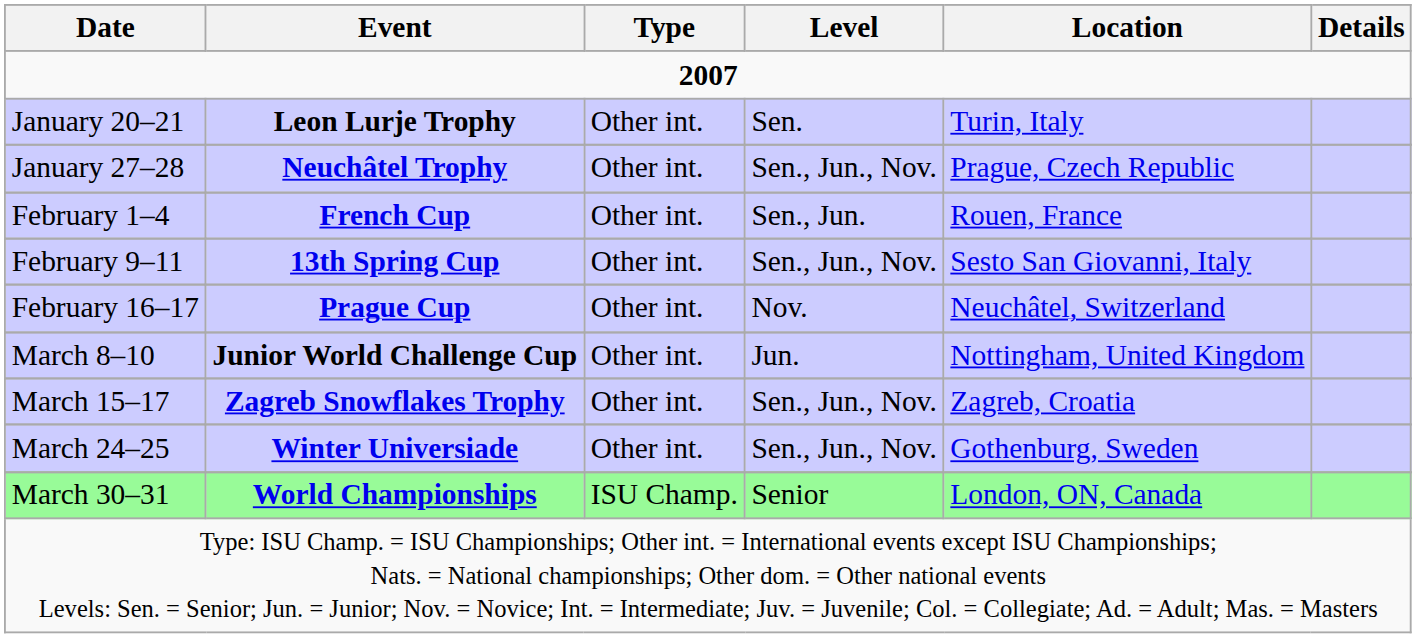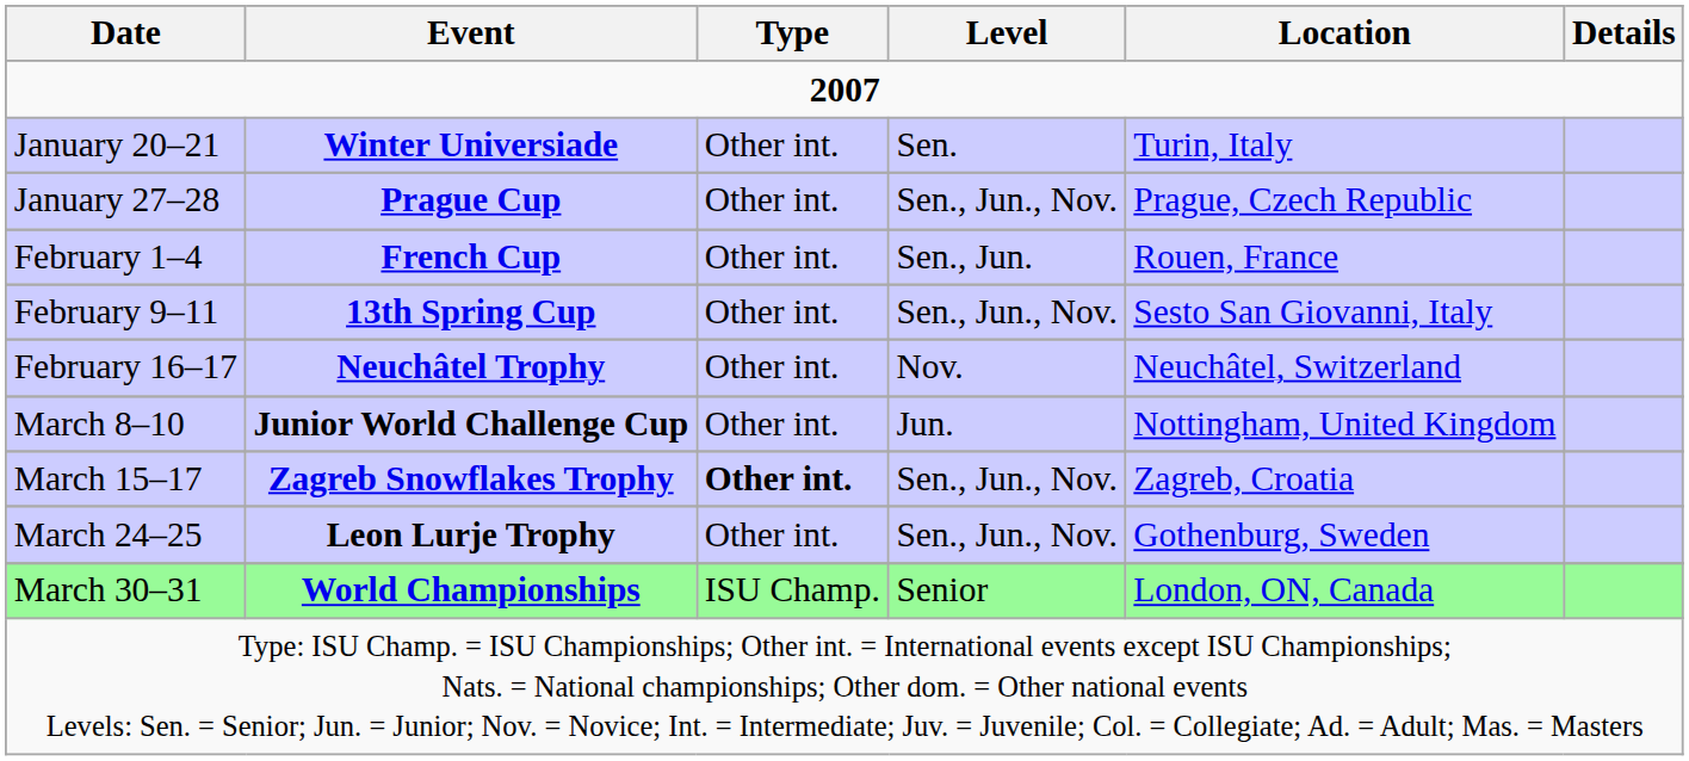 <table class="wikitable">
 <tr>
 <th>Date</th>
 <th>Event</th>
 <th>Type</th>
 <th>Level</th>
 <th>Location</th>
 <th>Details</th>
 </tr>
 <tr>
 <td colspan=7 align=center><strong>2007</strong></td>
 </tr>
 <tr bgcolor=CCCCFF>
 <td>January 20–21</td>
-<td align="center"><strong>Leon Lurje Trophy</strong></td>
+<td align="center"><strong><a href='#'>Winter Universiade</a></strong></td>
 <td>Other int.</td>
 <td>Sen.</td>
 <td><a href='#'>Turin, Italy</a></td>
 <td></td>
 </tr>
 <tr>
 </tr>
 <tr bgcolor=CCCCFF>
 <td>January 27–28</td>
-<td align="center"><strong><a href='#'>Neuchâtel Trophy</a></strong></td>
+<td align="center"><strong><a href='#'>Prague Cup</a></strong></td>
 <td>Other int.</td>
 <td>Sen., Jun., Nov.</td>
 <td><a href='#'>Prague, Czech Republic</a></td>
 <td></td>
 </tr>
 <tr>
 </tr>
 <tr bgcolor=CCCCFF>
 <td>February 1–4</td>
 <td align="center"><strong><a href='#'>French Cup</a></strong></td>
 <td>Other int.</td>
 <td>Sen., Jun.</td>
 <td><a href='#'>Rouen, France</a></td>
 <td></td>
 </tr>
 <tr>
 </tr>
 <tr bgcolor=CCCCFF>
 <td>February 9–11</td>
 <td align="center"><strong><a href='#'>13th Spring Cup</a></strong></td>
 <td>Other int.</td>
 <td>Sen., Jun., Nov.</td>
 <td><a href='#'>Sesto San Giovanni, Italy</a></td>
 <td></td>
 </tr>
 <tr>
 </tr>
 <tr bgcolor=CCCCFF>
 <td>February 16–17</td>
-<td align="center"><strong><a href='#'>Prague Cup</a></strong></td>
+<td align="center"><strong><a href='#'>Neuchâtel Trophy</a></strong></td>
 <td>Other int.</td>
 <td>Nov.</td>
 <td><a href='#'>Neuchâtel, Switzerland</a></td>
 <td></td>
 </tr>
 <tr>
 </tr>
 <tr bgcolor=CCCCFF>
 <td>March 8–10</td>
 <td align="center"><strong>Junior World Challenge Cup</strong></td>
 <td>Other int.</td>
 <td>Jun.</td>
 <td><a href='#'>Nottingham, United Kingdom</a></td>
 <td></td>
 </tr>
 <tr>
 </tr>
 <tr bgcolor=CCCCFF>
 <td>March 15–17</td>
 <td align="center"><strong><a href='#'>Zagreb Snowflakes Trophy</a></strong></td>
-<td>Other int.</td>
+<td><strong>Other int.</strong></td>
 <td>Sen., Jun., Nov.</td>
 <td><a href='#'>Zagreb, Croatia</a></td>
 <td></td>
 </tr>
 <tr>
 </tr>
 <tr bgcolor=CCCCFF>
 <td>March 24–25</td>
-<td align="center"><strong><a href='#'>Winter Universiade</a></strong></td>
+<td align="center"><strong>Leon Lurje Trophy</strong></td>
 <td>Other int.</td>
 <td>Sen., Jun., Nov.</td>
 <td><a href='#'>Gothenburg, Sweden</a></td>
 <td></td>
 </tr>
 <tr>
 </tr>
 <tr bgcolor=98FB98>
 <td>March 30–31</td>
 <td align="center"><strong><a href='#'>World Championships</a></strong></td>
 <td>ISU Champ.</td>
 <td>Senior</td>
 <td><a href='#'>London, ON, Canada</a></td>
 <td></td>
 </tr>
 <tr>
 <td colspan=7 align=center><small>Type: ISU Champ. = ISU Championships; Other int. = International events except ISU Championships; <br> Nats. = National championships; Other dom. = Other national events <br> Levels: Sen. = Senior; Jun. = Junior; Nov. = Novice; Int. = Intermediate; Juv. = Juvenile; Col. = Collegiate; Ad. = Adult; Mas. = Masters</small></td>
 </tr>
 </table>
